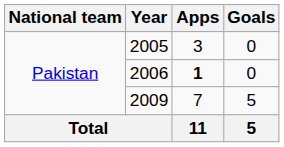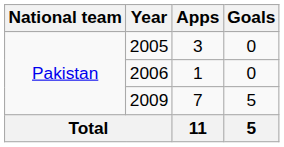 <table class="wikitable" style="text-align:center">
 <tr>
 <th>National team</th>
 <th>Year</th>
 <th>Apps</th>
 <th>Goals</th>
 </tr>
 <tr>
 <td rowspan="3"><a href='#'>Pakistan</a></td>
 <td>2005</td>
 <td>3</td>
 <td>0</td>
 </tr>
 <tr>
 <td>2006</td>
-<td><strong>1</strong></td>
+<td>1</td>
 <td>0</td>
 </tr>
 <tr>
 <td>2009</td>
 <td>7</td>
 <td>5</td>
 </tr>
 <tr>
 <th colspan="2">Total</th>
 <th>11</th>
 <th>5</th>
 </tr>
 </table>
